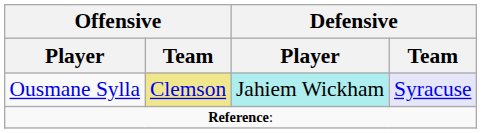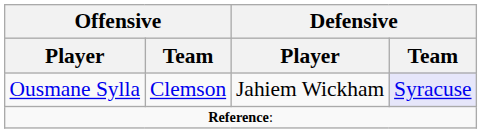 <table class="wikitable" style="text-align: center;">
 <tr>
 <th colspan="2">Offensive</th>
 <th colspan="2">Defensive</th>
 </tr>
 <tr>
 <th>Player</th>
 <th>Team</th>
 <th>Player</th>
 <th>Team</th>
 </tr>
 <tr>
 <td><a href='#'>Ousmane Sylla</a></td>
-<td style="background: khaki;"><a href='#'>Clemson</a></td>
-<td style="background: paleturquoise;">Jahiem Wickham</td>
+<td><a href='#'>Clemson</a></td>
+<td>Jahiem Wickham</td>
 <td style="background: lavender;"><a href='#'>Syracuse</a></td>
 </tr>
 <tr>
 <td colspan="4"  style="font-size:8pt; text-align:center;"><strong>Reference</strong>:</td>
 </tr>
 </table>
